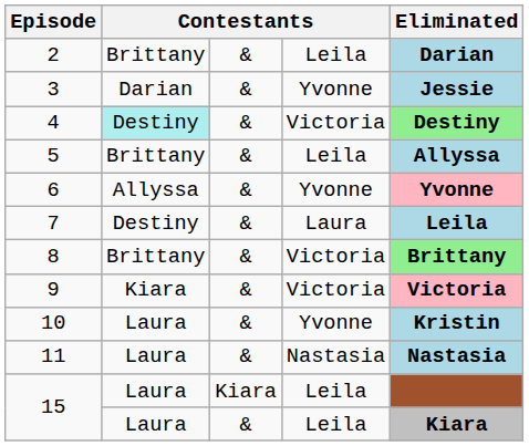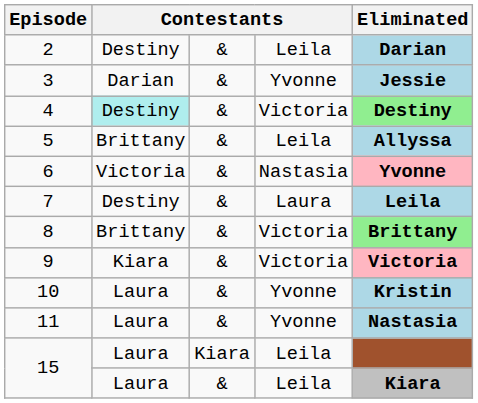 <table class="wikitable" border="2" style="text-align:center">
 <tr>
 <th>Episode</th>
 <th colspan="3”">Contestants</th>
 <th>Eliminated</th>
 </tr>
 <tr>
 <td>2</td>
-<td>Brittany</td>
+<td>Destiny</td>
 <td>&</td>
 <td>Leila</td>
 <td style="background:lightblue"><strong>Darian</strong></td>
 </tr>
 <tr>
 <td>3</td>
 <td>Darian</td>
 <td>&</td>
 <td>Yvonne</td>
 <td style="background:lightblue"><strong>Jessie</strong></td>
 </tr>
 <tr>
 <td>4</td>
 <td style="background: paleturquoise;">Destiny</td>
 <td>&</td>
 <td>Victoria</td>
 <td style="background:lightgreen"><strong>Destiny</strong></td>
 </tr>
 <tr>
 <td>5</td>
 <td>Brittany</td>
 <td>&</td>
 <td>Leila</td>
 <td style="background:lightblue"><strong>Allyssa</strong></td>
 </tr>
 <tr>
 <td>6</td>
-<td>Allyssa</td>
+<td>Victoria</td>
 <td>&</td>
-<td>Yvonne</td>
+<td>Nastasia</td>
 <td style="background:lightpink"><strong>Yvonne</strong></td>
 </tr>
 <tr>
 <td>7</td>
 <td>Destiny</td>
 <td>&</td>
 <td>Laura</td>
 <td style="background:lightblue"><strong>Leila</strong></td>
 </tr>
 <tr>
 <td>8</td>
 <td>Brittany</td>
 <td>&</td>
 <td>Victoria</td>
 <td style="background:lightgreen"><strong>Brittany</strong></td>
 </tr>
 <tr>
 <td>9</td>
 <td>Kiara</td>
 <td>&</td>
 <td>Victoria</td>
 <td style="background:lightpink"><strong>Victoria</strong></td>
 </tr>
 <tr>
 <td>10</td>
 <td>Laura</td>
 <td>&</td>
 <td>Yvonne</td>
 <td style="background:lightblue"><strong>Kristin</strong></td>
 </tr>
 <tr>
 <td>11</td>
 <td>Laura</td>
 <td>&</td>
-<td>Nastasia</td>
+<td>Yvonne</td>
 <td style="background:lightblue"><strong>Nastasia</strong></td>
 </tr>
 <tr>
 <td rowspan="2">15</td>
 <td>Laura</td>
 <td>Kiara</td>
 <td>Leila</td>
 <td style="background:sienna"></td>
 </tr>
 <tr>
 <td>Laura</td>
 <td>&</td>
 <td>Leila</td>
 <td style="background:silver"><strong>Kiara</strong></td>
 </tr>
 </table>
